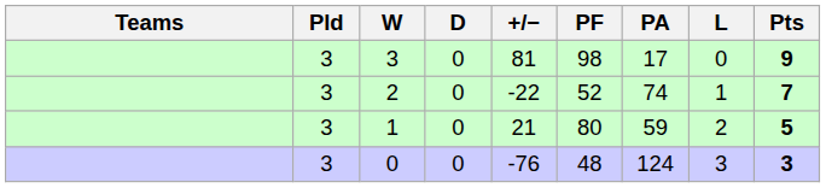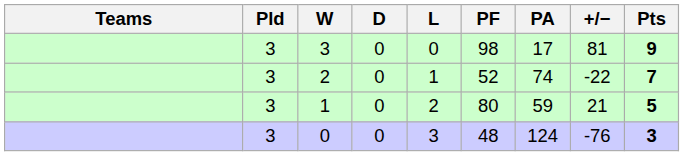 <table class="wikitable" style="text-align: center;">
 <tr>
 <th width="200">Teams</th>
 <th width="40">Pld</th>
 <th width="40">W</th>
 <th width="40">D</th>
-<th width="40">+/−</th>
+<th width="40">L</th>
 <th width="40">PF</th>
 <th width="40">PA</th>
-<th width="40">L</th>
+<th width="40">+/−</th>
 <th width="40">Pts</th>
 </tr>
 <tr bgcolor=#ccffcc>
 <td align=left></td>
 <td>3</td>
 <td>3</td>
 <td>0</td>
-<td>81</td>
+<td>0</td>
 <td>98</td>
 <td>17</td>
-<td>0</td>
+<td>81</td>
 <td><strong>9</strong></td>
 </tr>
 <tr bgcolor=#ccffcc>
 <td align=left></td>
 <td>3</td>
 <td>2</td>
 <td>0</td>
-<td>-22</td>
+<td>1</td>
 <td>52</td>
 <td>74</td>
-<td>1</td>
+<td>-22</td>
 <td><strong>7</strong></td>
 </tr>
 <tr bgcolor=#ccffcc>
 <td align=left></td>
 <td>3</td>
 <td>1</td>
 <td>0</td>
-<td>21</td>
+<td>2</td>
 <td>80</td>
 <td>59</td>
-<td>2</td>
+<td>21</td>
 <td><strong>5</strong></td>
 </tr>
 <tr bgcolor=#ccccff>
 <td align=left></td>
 <td>3</td>
 <td>0</td>
 <td>0</td>
-<td>-76</td>
+<td>3</td>
 <td>48</td>
 <td>124</td>
-<td>3</td>
+<td>-76</td>
 <td><strong>3</strong></td>
 </tr>
 </table>
